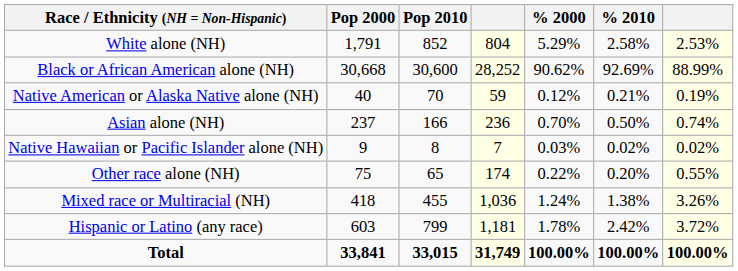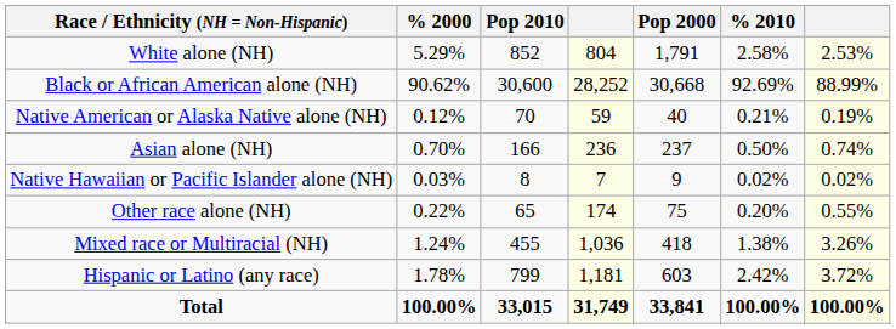 <table class="wikitable"  style="text-align:center;">
 <tr>
 <th>Race / Ethnicity <small>(<em>NH = Non-Hispanic</em>)</small></th>
-<th>Pop 2000</th>
+<th>% 2000</th>
 <th>Pop 2010</th>
 <th></th>
-<th>% 2000</th>
+<th>Pop 2000</th>
 <th>% 2010</th>
 <th></th>
 </tr>
 <tr>
 <td><a href='#'>White</a> alone (NH)</td>
-<td>1,791</td>
+<td>5.29%</td>
 <td>852</td>
 <td style='background: #ffffe6;'>804</td>
-<td>5.29%</td>
+<td>1,791</td>
 <td>2.58%</td>
 <td style='background: #ffffe6;'>2.53%</td>
 </tr>
 <tr>
 <td><a href='#'>Black or African American</a> alone (NH)</td>
-<td>30,668</td>
+<td>90.62%</td>
 <td>30,600</td>
 <td style='background: #ffffe6;'>28,252</td>
-<td>90.62%</td>
+<td>30,668</td>
 <td>92.69%</td>
 <td style='background: #ffffe6;'>88.99%</td>
 </tr>
 <tr>
 <td><a href='#'>Native American</a> or <a href='#'>Alaska Native</a> alone (NH)</td>
-<td>40</td>
+<td>0.12%</td>
 <td>70</td>
 <td style='background: #ffffe6;'>59</td>
-<td>0.12%</td>
+<td>40</td>
 <td>0.21%</td>
 <td style='background: #ffffe6;'>0.19%</td>
 </tr>
 <tr>
 <td><a href='#'>Asian</a> alone (NH)</td>
-<td>237</td>
+<td>0.70%</td>
 <td>166</td>
 <td style='background: #ffffe6;'>236</td>
-<td>0.70%</td>
+<td>237</td>
 <td>0.50%</td>
 <td style='background: #ffffe6;'>0.74%</td>
 </tr>
 <tr>
 <td><a href='#'>Native Hawaiian</a> or <a href='#'>Pacific Islander</a> alone (NH)</td>
-<td>9</td>
+<td>0.03%</td>
 <td>8</td>
 <td style='background: #ffffe6;'>7</td>
-<td>0.03%</td>
+<td>9</td>
 <td>0.02%</td>
 <td style='background: #ffffe6;'>0.02%</td>
 </tr>
 <tr>
 <td><a href='#'>Other race</a> alone (NH)</td>
-<td>75</td>
+<td>0.22%</td>
 <td>65</td>
 <td style='background: #ffffe6;'>174</td>
-<td>0.22%</td>
+<td>75</td>
 <td>0.20%</td>
 <td style='background: #ffffe6;'>0.55%</td>
 </tr>
 <tr>
 <td><a href='#'>Mixed race or Multiracial</a> (NH)</td>
-<td>418</td>
+<td>1.24%</td>
 <td>455</td>
 <td style='background: #ffffe6;'>1,036</td>
-<td>1.24%</td>
+<td>418</td>
 <td>1.38%</td>
 <td style='background: #ffffe6;'>3.26%</td>
 </tr>
 <tr>
 <td><a href='#'>Hispanic or Latino</a> (any race)</td>
-<td>603</td>
+<td>1.78%</td>
 <td>799</td>
 <td style='background: #ffffe6;'>1,181</td>
-<td>1.78%</td>
+<td>603</td>
 <td>2.42%</td>
 <td style='background: #ffffe6;'>3.72%</td>
 </tr>
 <tr>
 <td><strong>Total</strong></td>
-<td><strong>33,841</strong></td>
+<td><strong>100.00%</strong></td>
 <td><strong>33,015</strong></td>
 <td style='background: #ffffe6;'><strong>31,749</strong></td>
-<td><strong>100.00%</strong></td>
+<td><strong>33,841</strong></td>
 <td><strong>100.00%</strong></td>
 <td style='background: #ffffe6;'><strong>100.00%</strong></td>
 </tr>
 </table>
